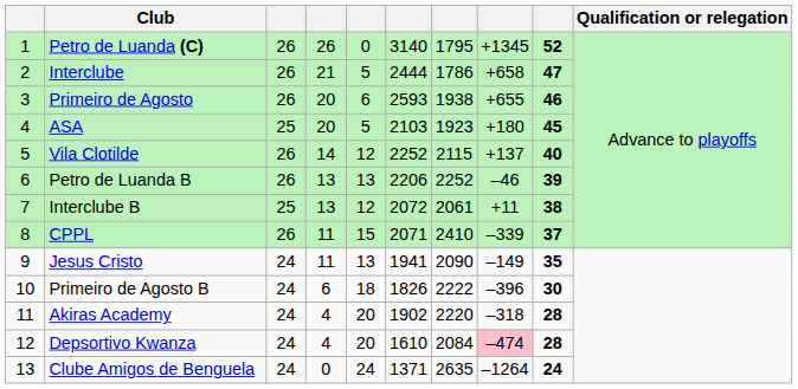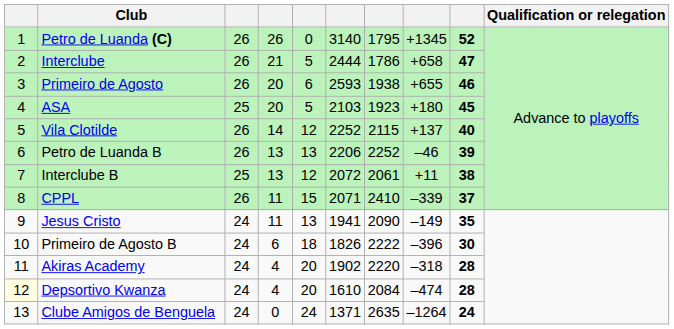 <table class="wikitable" style="text-align:center;">
 <tr>
 <th width=30></th>
 <th width=200>Club</th>
 <th width="30"></th>
 <th width="30"></th>
 <th width="30"></th>
 <th width="30"></th>
 <th width="30"></th>
 <th width="30"></th>
 <th width="30"></th>
 <th>Qualification or relegation</th>
 </tr>
 <tr bgcolor=#BBF3BB>
 <td>1</td>
 <td align=left><a href='#'>Petro de Luanda</a> <strong>(C)</strong></td>
 <td>26</td>
 <td>26</td>
 <td>0</td>
 <td>3140</td>
 <td>1795</td>
 <td>+1345</td>
 <td><strong>52</strong></td>
 <td rowspan="8">Advance to <a href='#'>playoffs</a></td>
 </tr>
 <tr bgcolor=#BBF3BB>
 <td>2</td>
 <td align=left><a href='#'>Interclube</a></td>
 <td>26</td>
 <td>21</td>
 <td>5</td>
 <td>2444</td>
 <td>1786</td>
 <td>+658</td>
 <td><strong>47</strong></td>
 </tr>
 <tr bgcolor=#BBF3BB>
 <td>3</td>
 <td align=left><a href='#'>Primeiro de Agosto</a></td>
 <td>26</td>
 <td>20</td>
 <td>6</td>
 <td>2593</td>
 <td>1938</td>
 <td>+655</td>
 <td><strong>46</strong></td>
 </tr>
 <tr bgcolor=#BBF3BB>
 <td>4</td>
 <td align=left><a href='#'>ASA</a></td>
 <td>25</td>
 <td>20</td>
 <td>5</td>
 <td>2103</td>
 <td>1923</td>
 <td>+180</td>
 <td><strong>45</strong></td>
 </tr>
 <tr bgcolor=#BBF3BB>
 <td>5</td>
 <td align=left><a href='#'>Vila Clotilde</a></td>
 <td>26</td>
 <td>14</td>
 <td>12</td>
 <td>2252</td>
 <td>2115</td>
 <td>+137</td>
 <td><strong>40</strong></td>
 </tr>
 <tr bgcolor=#BBF3BB>
 <td>6</td>
 <td align=left>Petro de Luanda B</td>
 <td>26</td>
 <td>13</td>
 <td>13</td>
 <td>2206</td>
 <td>2252</td>
 <td>–46</td>
 <td><strong>39</strong></td>
 </tr>
 <tr bgcolor=#BBF3BB>
 <td>7</td>
 <td align=left>Interclube B</td>
 <td>25</td>
 <td>13</td>
 <td>12</td>
 <td>2072</td>
 <td>2061</td>
 <td>+11</td>
 <td><strong>38</strong></td>
 </tr>
 <tr bgcolor=#BBF3BB>
 <td>8</td>
 <td align=left><a href='#'>CPPL</a></td>
 <td>26</td>
 <td>11</td>
 <td>15</td>
 <td>2071</td>
 <td>2410</td>
 <td>–339</td>
 <td><strong>37</strong></td>
 </tr>
 <tr>
 <td>9</td>
 <td align=left><a href='#'>Jesus Cristo</a></td>
 <td>24</td>
 <td>11</td>
 <td>13</td>
 <td>1941</td>
 <td>2090</td>
 <td>–149</td>
 <td><strong>35</strong></td>
 <td rowspan="5"></td>
 </tr>
 <tr>
 <td>10</td>
 <td align=left>Primeiro de Agosto B</td>
 <td>24</td>
 <td>6</td>
 <td>18</td>
 <td>1826</td>
 <td>2222</td>
 <td>–396</td>
 <td><strong>30</strong></td>
 </tr>
 <tr>
 <td>11</td>
 <td align=left><a href='#'>Akiras Academy</a></td>
 <td>24</td>
 <td>4</td>
 <td>20</td>
 <td>1902</td>
 <td>2220</td>
 <td>–318</td>
 <td><strong>28</strong></td>
 </tr>
 <tr>
-<td>12</td>
+<td style="background: lightyellow;">12</td>
 <td align=left><a href='#'>Depsortivo Kwanza</a></td>
 <td>24</td>
 <td>4</td>
 <td>20</td>
 <td>1610</td>
 <td>2084</td>
-<td style="background: pink;">–474</td>
+<td>–474</td>
 <td><strong>28</strong></td>
 </tr>
 <tr>
 <td>13</td>
 <td align=left><a href='#'>Clube Amigos de Benguela</a></td>
 <td>24</td>
 <td>0</td>
 <td>24</td>
 <td>1371</td>
 <td>2635</td>
 <td>–1264</td>
 <td><strong>24</strong></td>
 </tr>
 </table>
